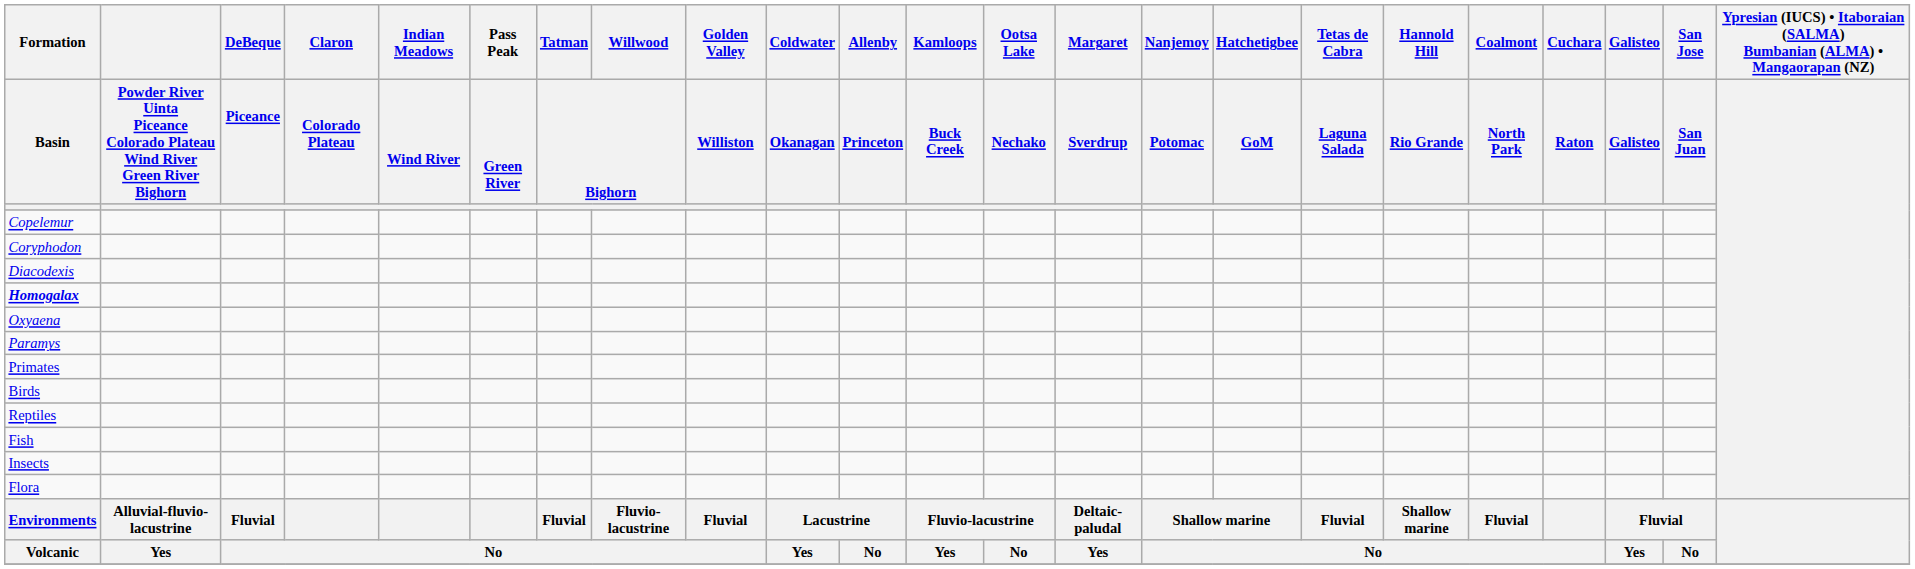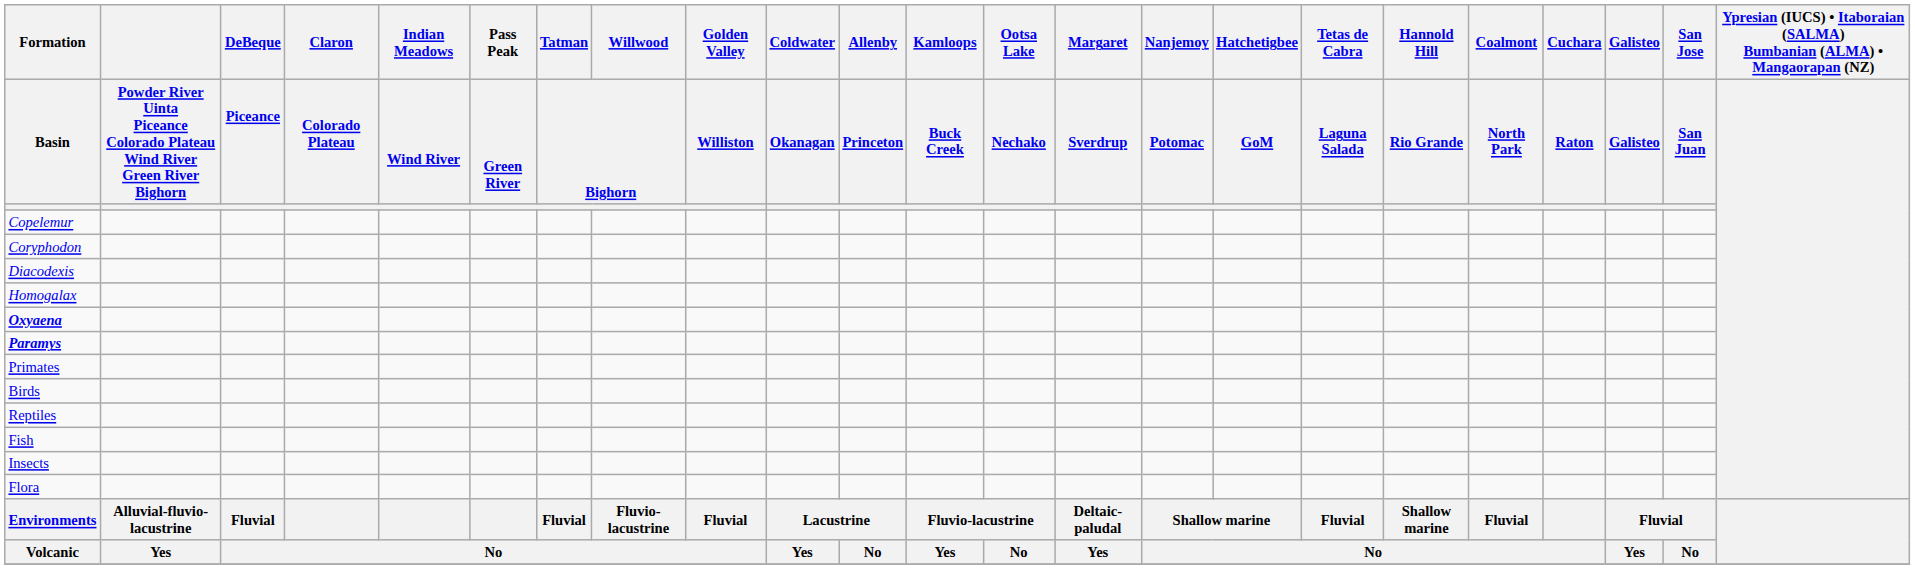 <table class="wikitable" style="font-size: 60%">
 <tr>
 <th>Formation</th>
 <th></th>
 <th><a href='#'>DeBeque</a></th>
 <th><a href='#'>Claron</a></th>
 <th><a href='#'>Indian Meadows</a></th>
 <th>Pass Peak</th>
 <th><a href='#'>Tatman</a></th>
 <th><a href='#'>Willwood</a></th>
 <th><a href='#'>Golden Valley</a></th>
 <th><a href='#'>Coldwater</a></th>
 <th><a href='#'>Allenby</a></th>
 <th><a href='#'>Kamloops</a></th>
 <th><a href='#'>Ootsa Lake</a></th>
 <th><a href='#'>Margaret</a></th>
 <th><a href='#'>Nanjemoy</a></th>
 <th><a href='#'>Hatchetigbee</a></th>
 <th><a href='#'>Tetas de Cabra</a></th>
 <th><a href='#'>Hannold Hill</a></th>
 <th><a href='#'>Coalmont</a></th>
 <th><a href='#'>Cuchara</a></th>
 <th><a href='#'>Galisteo</a></th>
 <th><a href='#'>San Jose</a></th>
 <th><a href='#'>Ypresian</a> (IUCS) • <a href='#'>Itaboraian</a> (<a href='#'>SALMA</a>)<br><a href='#'>Bumbanian</a> (<a href='#'>ALMA</a>) • <a href='#'>Mangaorapan</a> (NZ)</th>
 </tr>
 <tr>
 <th>Basin</th>
 <th><a href='#'>Powder River</a><br><a href='#'>Uinta</a><br><a href='#'>Piceance</a><br><a href='#'>Colorado Plateau</a><br><a href='#'>Wind River</a><br><a href='#'>Green River</a><br><a href='#'>Bighorn</a></th>
 <th><a href='#'>Piceance</a><br><br><br><br></th>
 <th><br><a href='#'>Colorado Plateau</a><br><br><br></th>
 <th><br><br><br><a href='#'>Wind River</a><br><br></th>
 <th><br><br><br><br><a href='#'>Green River</a><br></th>
 <th colspan=2><br><br><br><br><br><br><a href='#'>Bighorn</a></th>
 <th><a href='#'>Williston</a></th>
 <th><a href='#'>Okanagan</a></th>
 <th><a href='#'>Princeton</a></th>
 <th><a href='#'>Buck Creek</a></th>
 <th><a href='#'>Nechako</a></th>
 <th><a href='#'>Sverdrup</a></th>
 <th><a href='#'>Potomac</a></th>
 <th><a href='#'>GoM</a></th>
 <th><a href='#'>Laguna Salada</a></th>
 <th><a href='#'>Rio Grande</a></th>
 <th><a href='#'>North Park</a></th>
 <th><a href='#'>Raton</a></th>
 <th><a href='#'>Galisteo</a></th>
 <th><a href='#'>San Juan</a></th>
 <th align=center rowspan=14></th>
 </tr>
 <tr>
 <th></th>
 <th colspan=8></th>
 <th colspan=5></th>
 <th colspan=2></th>
 <th></th>
 <th colspan=5></th>
 </tr>
 <tr>
 <td><em><a href='#'>Copelemur</a></em></td>
 <td align=center></td>
 <td align=center></td>
 <td align=center></td>
 <td align=center></td>
 <td align=center></td>
 <td align=center></td>
 <td align=center></td>
 <td align=center></td>
 <td align=center></td>
 <td align=center></td>
 <td align=center></td>
 <td align=center></td>
 <td align=center></td>
 <td align=center></td>
 <td align=center></td>
 <td align=center></td>
 <td align=center></td>
 <td align=center></td>
 <td align=center></td>
 <td align=center></td>
 <td align=center></td>
 </tr>
 <tr>
 <td><em><a href='#'>Coryphodon</a></em></td>
 <td align=center></td>
 <td align=center></td>
 <td align=center></td>
 <td align=center></td>
 <td align=center></td>
 <td align=center></td>
 <td align=center></td>
 <td align=center></td>
 <td align=center></td>
 <td align=center></td>
 <td align=center></td>
 <td align=center></td>
 <td align=center></td>
 <td align=center></td>
 <td align=center></td>
 <td align=center></td>
 <td align=center></td>
 <td align=center></td>
 <td align=center></td>
 <td align=center></td>
 <td align=center></td>
 </tr>
 <tr>
 <td><em><a href='#'>Diacodexis</a></em></td>
 <td align=center></td>
 <td align=center></td>
 <td align=center></td>
 <td align=center></td>
 <td align=center></td>
 <td align=center></td>
 <td align=center></td>
 <td align=center></td>
 <td align=center></td>
 <td align=center></td>
 <td align=center></td>
 <td align=center></td>
 <td align=center></td>
 <td align=center></td>
 <td align=center></td>
 <td align=center></td>
 <td align=center></td>
 <td align=center></td>
 <td align=center></td>
 <td align=center></td>
 <td align=center></td>
 </tr>
 <tr>
-<td><strong><em><a href='#'>Homogalax</a></em></strong></td>
+<td><em><a href='#'>Homogalax</a></em></td>
 <td align=center></td>
 <td align=center></td>
 <td align=center></td>
 <td align=center></td>
 <td align=center></td>
 <td align=center></td>
 <td align=center></td>
 <td align=center></td>
 <td align=center></td>
 <td align=center></td>
 <td align=center></td>
 <td align=center></td>
 <td align=center></td>
 <td align=center></td>
 <td align=center></td>
 <td align=center></td>
 <td align=center></td>
 <td align=center></td>
 <td align=center></td>
 <td align=center></td>
 <td align=center></td>
 </tr>
 <tr>
-<td><em><a href='#'>Oxyaena</a></em></td>
+<td><strong><em><a href='#'>Oxyaena</a></em></strong></td>
 <td align=center></td>
 <td align=center></td>
 <td align=center></td>
 <td align=center></td>
 <td align=center></td>
 <td align=center></td>
 <td align=center></td>
 <td align=center></td>
 <td align=center></td>
 <td align=center></td>
 <td align=center></td>
 <td align=center></td>
 <td align=center></td>
 <td align=center></td>
 <td align=center></td>
 <td align=center></td>
 <td align=center></td>
 <td align=center></td>
 <td align=center></td>
 <td align=center></td>
 <td align=center></td>
 </tr>
 <tr>
-<td><em><a href='#'>Paramys</a></em></td>
+<td><strong><em><a href='#'>Paramys</a></em></strong></td>
 <td align=center></td>
 <td align=center></td>
 <td align=center></td>
 <td align=center></td>
 <td align=center></td>
 <td align=center></td>
 <td align=center></td>
 <td align=center></td>
 <td align=center></td>
 <td align=center></td>
 <td align=center></td>
 <td align=center></td>
 <td align=center></td>
 <td align=center></td>
 <td align=center></td>
 <td align=center></td>
 <td align=center></td>
 <td align=center></td>
 <td align=center></td>
 <td align=center></td>
 <td align=center></td>
 </tr>
 <tr>
 <td><a href='#'>Primates</a></td>
 <td align=center></td>
 <td align=center></td>
 <td align=center></td>
 <td align=center></td>
 <td align=center></td>
 <td align=center></td>
 <td align=center></td>
 <td align=center></td>
 <td align=center></td>
 <td align=center></td>
 <td align=center></td>
 <td align=center></td>
 <td align=center></td>
 <td align=center></td>
 <td align=center></td>
 <td align=center></td>
 <td align=center></td>
 <td align=center></td>
 <td align=center></td>
 <td align=center></td>
 <td align=center></td>
 </tr>
 <tr>
 <td><a href='#'>Birds</a></td>
 <td align=center></td>
 <td align=center></td>
 <td align=center></td>
 <td align=center></td>
 <td align=center></td>
 <td align=center></td>
 <td align=center></td>
 <td align=center></td>
 <td align=center></td>
 <td align=center></td>
 <td align=center></td>
 <td align=center></td>
 <td align=center></td>
 <td align=center></td>
 <td align=center></td>
 <td align=center></td>
 <td align=center></td>
 <td align=center></td>
 <td align=center></td>
 <td align=center></td>
 <td align=center></td>
 </tr>
 <tr>
 <td><a href='#'>Reptiles</a></td>
 <td align=center></td>
 <td align=center></td>
 <td align=center></td>
 <td align=center></td>
 <td align=center></td>
 <td align=center></td>
 <td align=center></td>
 <td align=center></td>
 <td align=center></td>
 <td align=center></td>
 <td align=center></td>
 <td align=center></td>
 <td align=center></td>
 <td align=center></td>
 <td align=center></td>
 <td align=center></td>
 <td align=center></td>
 <td align=center></td>
 <td align=center></td>
 <td align=center></td>
 <td align=center></td>
 </tr>
 <tr>
 <td><a href='#'>Fish</a></td>
 <td align=center></td>
 <td align=center></td>
 <td align=center></td>
 <td align=center></td>
 <td align=center></td>
 <td align=center></td>
 <td align=center></td>
 <td align=center></td>
 <td align=center></td>
 <td align=center></td>
 <td align=center></td>
 <td align=center></td>
 <td align=center></td>
 <td align=center></td>
 <td align=center></td>
 <td align=center></td>
 <td align=center></td>
 <td align=center></td>
 <td align=center></td>
 <td align=center></td>
 <td align=center></td>
 </tr>
 <tr>
 <td><a href='#'>Insects</a></td>
 <td align=center></td>
 <td align=center></td>
 <td align=center></td>
 <td align=center></td>
 <td align=center></td>
 <td align=center></td>
 <td align=center></td>
 <td align=center></td>
 <td align=center></td>
 <td align=center></td>
 <td align=center></td>
 <td align=center></td>
 <td align=center></td>
 <td align=center></td>
 <td align=center></td>
 <td align=center></td>
 <td align=center></td>
 <td align=center></td>
 <td align=center></td>
 <td align=center></td>
 <td align=center></td>
 </tr>
 <tr>
 <td><a href='#'>Flora</a></td>
 <td align=center></td>
 <td align=center></td>
 <td align=center></td>
 <td align=center></td>
 <td align=center></td>
 <td align=center></td>
 <td align=center></td>
 <td align=center></td>
 <td align=center></td>
 <td align=center></td>
 <td align=center></td>
 <td align=center></td>
 <td align=center></td>
 <td align=center></td>
 <td align=center></td>
 <td align=center></td>
 <td align=center></td>
 <td align=center></td>
 <td align=center></td>
 <td align=center></td>
 <td align=center></td>
 </tr>
 <tr>
 <th><a href='#'>Environments</a></th>
 <th>Alluvial-fluvio-lacustrine</th>
 <th>Fluvial</th>
 <th></th>
 <th></th>
 <th></th>
 <th>Fluvial</th>
 <th>Fluvio-lacustrine</th>
 <th>Fluvial</th>
 <th colspan=2>Lacustrine</th>
 <th colspan=2>Fluvio-lacustrine</th>
 <th>Deltaic-paludal</th>
 <th colspan=2>Shallow marine</th>
 <th>Fluvial</th>
 <th>Shallow marine</th>
 <th>Fluvial</th>
 <th></th>
 <th colspan=2>Fluvial</th>
 <th rowspan=2 align=left><br><br></th>
 </tr>
 <tr>
 <th>Volcanic</th>
 <th>Yes</th>
 <th colspan=7>No</th>
 <th>Yes</th>
 <th>No</th>
 <th>Yes</th>
 <th>No</th>
 <th>Yes</th>
 <th colspan=6>No</th>
 <th>Yes</th>
 <th>No</th>
 </tr>
 <tr>
 </tr>
 </table>
